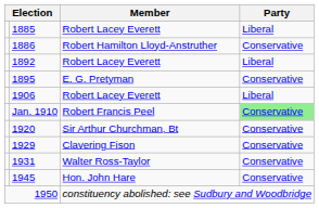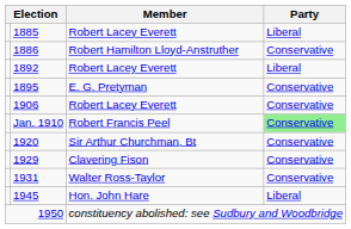 <table class="wikitable">
 <tr>
 <th colspan="2">Election</th>
 <th>Member</th>
 <th>Party</th>
 </tr>
 <tr>
 <td style="color:inherit;background-color: "></td>
 <td><a href='#'>1885</a></td>
 <td><a href='#'>Robert Lacey Everett</a></td>
 <td><a href='#'>Liberal</a></td>
 </tr>
 <tr>
 <td style="color:inherit;background-color: "></td>
 <td><a href='#'>1886</a></td>
 <td><a href='#'>Robert Hamilton Lloyd-Anstruther</a></td>
 <td><a href='#'>Conservative</a></td>
 </tr>
 <tr>
 <td style="color:inherit;background-color: "></td>
 <td><a href='#'>1892</a></td>
 <td><a href='#'>Robert Lacey Everett</a></td>
 <td><a href='#'>Liberal</a></td>
 </tr>
 <tr>
 <td style="color:inherit;background-color: "></td>
 <td><a href='#'>1895</a></td>
 <td><a href='#'>E. G. Pretyman</a></td>
 <td><a href='#'>Conservative</a></td>
 </tr>
 <tr>
 <td style="color:inherit;background-color: "></td>
 <td><a href='#'>1906</a></td>
 <td><a href='#'>Robert Lacey Everett</a></td>
-<td><a href='#'>Liberal</a></td>
+<td><a href='#'>Conservative</a></td>
 </tr>
 <tr>
 <td style="color:inherit;background-color: "></td>
 <td><a href='#'>Jan. 1910</a></td>
 <td><a href='#'>Robert Francis Peel</a></td>
 <td style="background: lightgreen;"><a href='#'>Conservative</a></td>
 </tr>
 <tr>
 <td style="color:inherit;background-color: "></td>
 <td><a href='#'>1920</a></td>
 <td><a href='#'>Sir Arthur Churchman, Bt</a></td>
 <td><a href='#'>Conservative</a></td>
 </tr>
 <tr>
 <td style="color:inherit;background-color: "></td>
 <td><a href='#'>1929</a></td>
 <td><a href='#'>Clavering Fison</a></td>
 <td><a href='#'>Conservative</a></td>
 </tr>
 <tr>
 <td style="color:inherit;background-color: "></td>
 <td><a href='#'>1931</a></td>
 <td><a href='#'>Walter Ross-Taylor</a></td>
 <td><a href='#'>Conservative</a></td>
 </tr>
 <tr>
 <td style="color:inherit;background-color: "></td>
 <td><a href='#'>1945</a></td>
 <td><a href='#'>Hon. John Hare</a></td>
-<td><a href='#'>Conservative</a></td>
+<td><a href='#'>Liberal</a></td>
 </tr>
 <tr>
 <td colspan="2" align="right"><a href='#'>1950</a></td>
 <td colspan="2"><em>constituency abolished: see <a href='#'>Sudbury and Woodbridge</a></em></td>
 </tr>
 </table>
